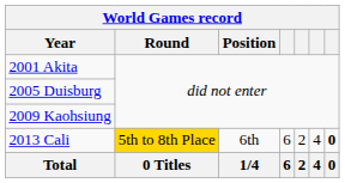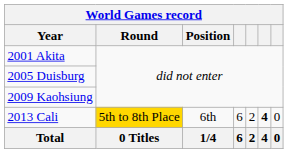 <table class="wikitable" style="text-align: center;">
 <tr>
 <th colspan=10><a href='#'>World Games record</a></th>
 </tr>
 <tr>
 <th>Year</th>
 <th>Round</th>
 <th>Position</th>
 <th></th>
 <th></th>
 <th></th>
 <th></th>
 </tr>
 <tr>
 <td align=left> <a href='#'>2001 Akita</a></td>
 <td colspan="6" rowspan=3><em>did not enter</em></td>
 </tr>
 <tr>
 <td align=left> <a href='#'>2005 Duisburg</a></td>
 </tr>
 <tr>
 <td align=left> <a href='#'>2009 Kaohsiung</a></td>
 </tr>
 <tr>
 <td align=left> <a href='#'>2013 Cali</a></td>
 <td style="background: gold;">5th to 8th Place</td>
 <td>6th</td>
 <td>6</td>
 <td>2</td>
-<td>4</td>
-<td><strong>0</strong></td>
+<td><strong>4</strong></td>
+<td>0</td>
 </tr>
 <tr>
 <th>Total</th>
 <th>0 Titles</th>
 <th>1/4</th>
 <th>6</th>
 <th>2</th>
 <th>4</th>
 <th>0</th>
 </tr>
 </table>
